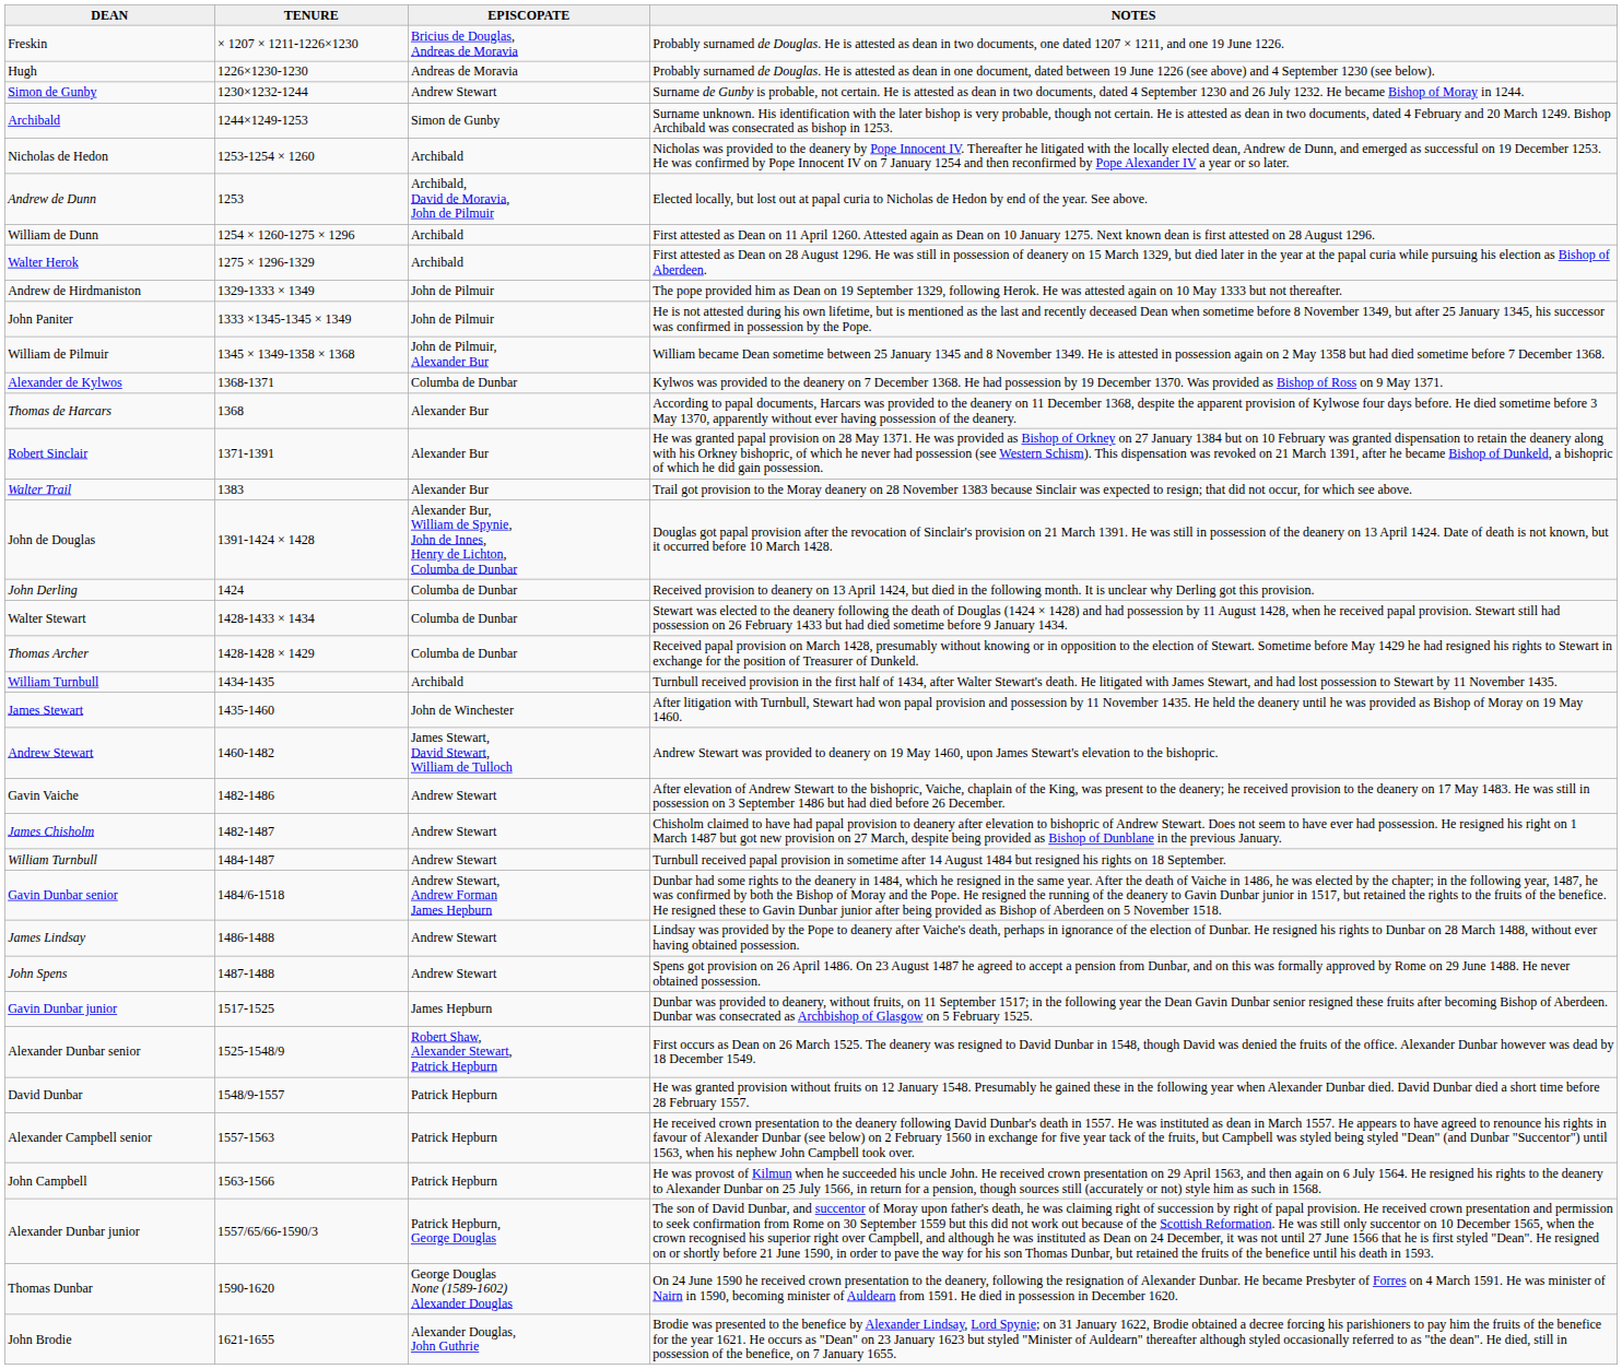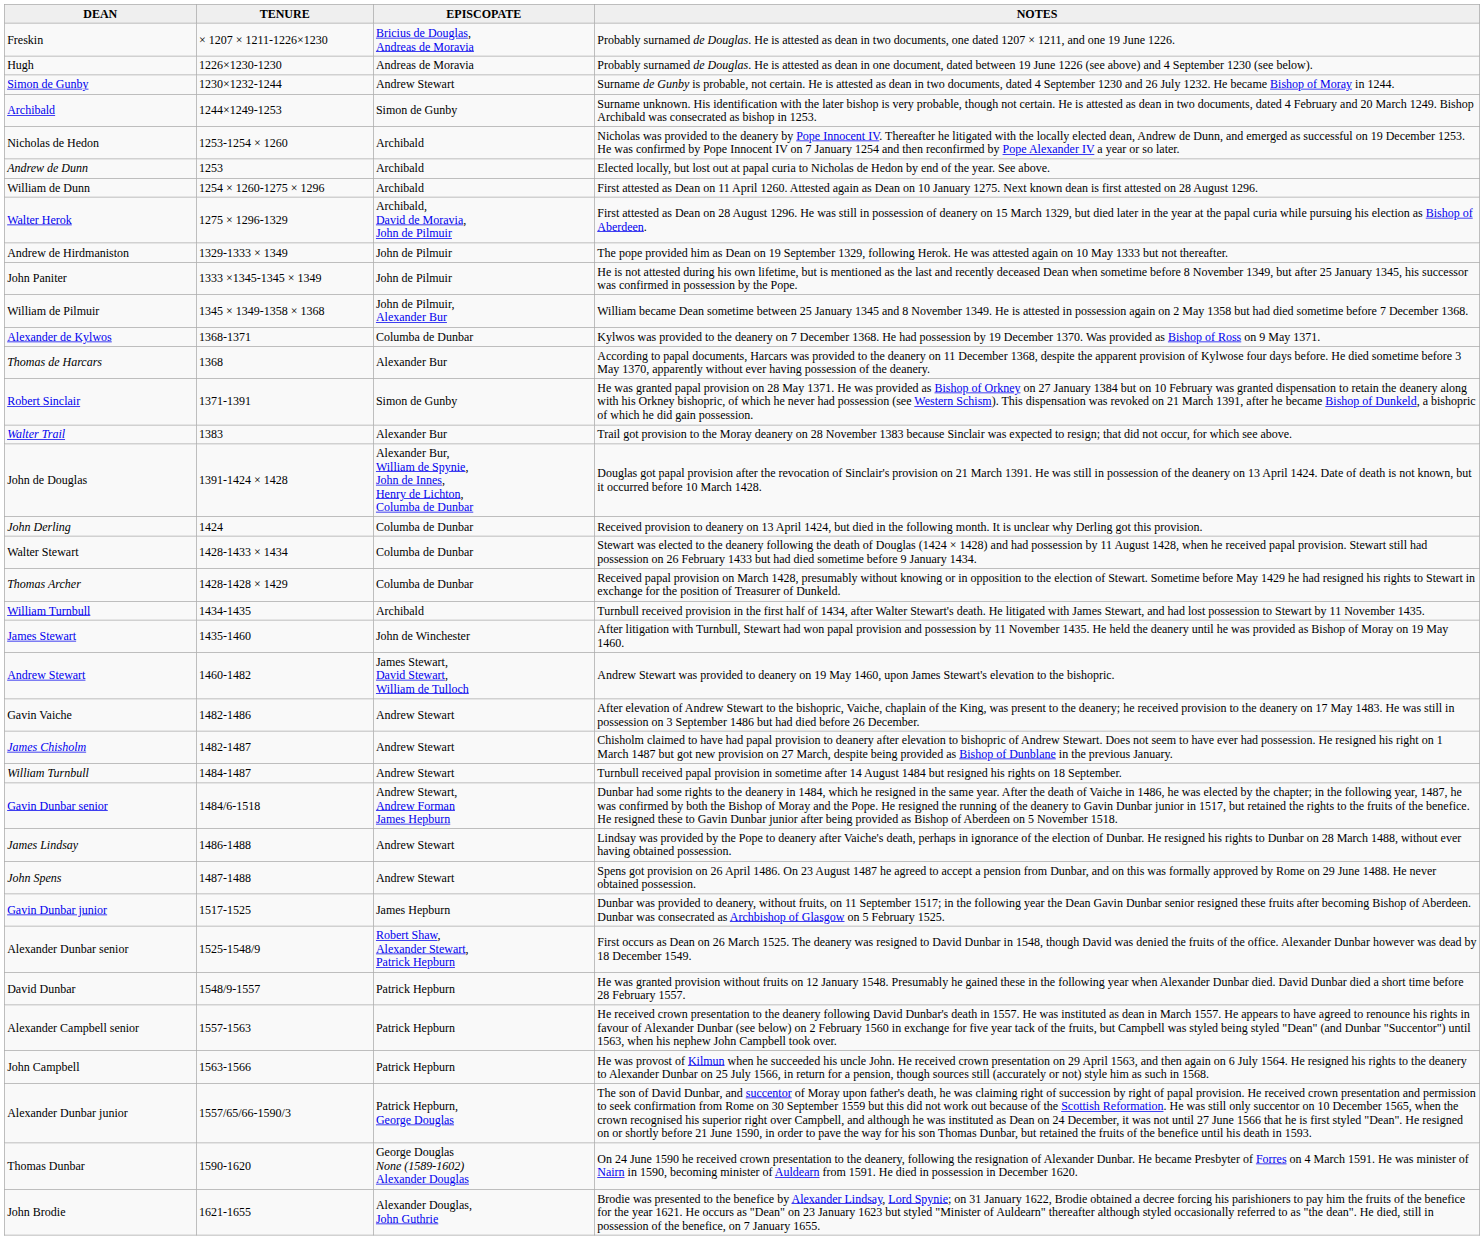 <table class="wikitable" style="background#f1f5fc; border: 1px solid black; padding: 1em;">
 <tr align=left>
 <th style="background:#efefef;" width="13%"><strong>DEAN</strong></th>
 <th style="background:#efefef;" width="12%"><strong>TENURE</strong></th>
 <th style="background:#efefef;" width="15%"><strong>EPISCOPATE</strong></th>
 <th style="background:#efefef;" width="60%"><strong>NOTES</strong></th>
 </tr>
 <tr>
 <td>Freskin</td>
 <td>× 1207 × 1211-1226×1230</td>
 <td><a href='#'>Bricius de Douglas</a>,<br><a href='#'>Andreas de Moravia</a></td>
 <td>Probably surnamed <em>de Douglas</em>. He is attested as dean in two documents, one dated 1207 × 1211, and one 19 June 1226.</td>
 </tr>
 <tr>
 <td>Hugh</td>
 <td>1226×1230-1230</td>
 <td>Andreas de Moravia</td>
 <td>Probably surnamed <em>de Douglas</em>. He is attested as dean in one document, dated between 19 June 1226 (see above) and 4 September 1230 (see below).</td>
 </tr>
 <tr>
 <td><a href='#'>Simon de Gunby</a></td>
 <td>1230×1232-1244</td>
 <td>Andrew Stewart</td>
 <td>Surname <em>de Gunby</em> is probable, not certain. He is attested as dean in two documents, dated 4 September 1230 and 26 July 1232. He became <a href='#'>Bishop of Moray</a> in 1244.</td>
 </tr>
 <tr>
 <td><a href='#'>Archibald</a></td>
 <td>1244×1249-1253</td>
 <td>Simon de Gunby</td>
 <td>Surname unknown. His identification with the later bishop is very probable, though not certain. He is attested as dean in two documents, dated 4 February and 20 March 1249. Bishop Archibald was consecrated as bishop in 1253.</td>
 </tr>
 <tr>
 <td>Nicholas de Hedon</td>
 <td>1253-1254 × 1260</td>
 <td>Archibald</td>
 <td>Nicholas was provided to the deanery by <a href='#'>Pope Innocent IV</a>. Thereafter he litigated with the locally elected dean, Andrew de Dunn, and emerged as successful on 19 December 1253. He was confirmed by Pope Innocent IV on 7 January 1254 and then reconfirmed by <a href='#'>Pope Alexander IV</a> a year or so later.</td>
 </tr>
 <tr>
 <td><em>Andrew de Dunn</em></td>
 <td>1253</td>
-<td>Archibald,<br><a href='#'>David de Moravia</a>,<br><a href='#'>John de Pilmuir</a></td>
+<td>Archibald</td>
 <td>Elected locally, but lost out at papal curia to Nicholas de Hedon by end of the year. See above.</td>
 </tr>
 <tr>
 <td>William de Dunn</td>
 <td>1254 × 1260-1275 × 1296</td>
 <td>Archibald</td>
 <td>First attested as Dean on 11 April 1260. Attested again as Dean on 10 January 1275. Next known dean is first attested on 28 August 1296.</td>
 </tr>
 <tr>
 <td><a href='#'>Walter Herok</a></td>
 <td>1275 × 1296-1329</td>
-<td>Archibald</td>
+<td>Archibald,<br><a href='#'>David de Moravia</a>,<br><a href='#'>John de Pilmuir</a></td>
 <td>First attested as Dean on 28 August 1296. He was still in possession of deanery on 15 March 1329, but died later in the year at the papal curia while pursuing his election as <a href='#'>Bishop of Aberdeen</a>.</td>
 </tr>
 <tr>
 <td>Andrew de Hirdmaniston</td>
 <td>1329-1333 × 1349</td>
 <td>John de Pilmuir</td>
 <td>The pope provided him as Dean on 19 September 1329, following Herok. He was attested again on 10 May 1333 but not thereafter.</td>
 </tr>
 <tr>
 <td>John Paniter</td>
 <td>1333 ×1345-1345 × 1349</td>
 <td>John de Pilmuir</td>
 <td>He is not attested during his own lifetime, but is mentioned as the last and recently deceased Dean when sometime before 8 November 1349, but after 25 January 1345, his successor was confirmed in possession by the Pope.</td>
 </tr>
 <tr>
 <td>William de Pilmuir</td>
 <td>1345 × 1349-1358 × 1368</td>
 <td>John de Pilmuir,<br><a href='#'>Alexander Bur</a></td>
 <td>William became Dean sometime between 25 January 1345 and 8 November 1349. He is attested in possession again on 2 May 1358 but had died sometime before 7 December 1368.</td>
 </tr>
 <tr>
 <td><a href='#'>Alexander de Kylwos</a></td>
 <td>1368-1371</td>
 <td>Columba de Dunbar</td>
 <td>Kylwos was provided to the deanery on 7 December 1368. He had possession by 19 December 1370. Was provided as <a href='#'>Bishop of Ross</a> on 9 May 1371.</td>
 </tr>
 <tr>
 <td><em>Thomas de Harcars</em></td>
 <td>1368</td>
 <td>Alexander Bur</td>
 <td>According to papal documents, Harcars was provided to the deanery on 11 December 1368, despite the apparent provision of Kylwose four days before. He died sometime before 3 May 1370, apparently without ever having possession of the deanery.</td>
 </tr>
 <tr>
 <td><a href='#'>Robert Sinclair</a></td>
 <td>1371-1391</td>
-<td>Alexander Bur</td>
+<td>Simon de Gunby</td>
 <td>He was granted papal provision on 28 May 1371. He was provided as <a href='#'>Bishop of Orkney</a> on 27 January 1384 but on 10 February was granted dispensation to retain the deanery along with his Orkney bishopric, of which he never had possession (see <a href='#'>Western Schism</a>). This dispensation was revoked on 21 March 1391, after he became <a href='#'>Bishop of Dunkeld</a>, a bishopric of which he did gain possession.</td>
 </tr>
 <tr>
 <td><em><a href='#'>Walter Trail</a></em></td>
 <td>1383</td>
 <td>Alexander Bur</td>
 <td>Trail got provision to the Moray deanery on 28 November 1383 because Sinclair was expected to resign; that did not occur, for which see above.</td>
 </tr>
 <tr>
 <td>John de Douglas</td>
 <td>1391-1424 × 1428</td>
 <td>Alexander Bur,<br><a href='#'>William de Spynie</a>,<br><a href='#'>John de Innes</a>,<br><a href='#'>Henry de Lichton</a>,<br><a href='#'>Columba de Dunbar</a></td>
 <td>Douglas got papal provision after the revocation of Sinclair's provision on 21 March 1391. He was still in possession of the deanery on 13 April 1424. Date of death is not known, but it occurred before 10 March 1428.</td>
 </tr>
 <tr>
 <td><em>John Derling</em></td>
 <td>1424</td>
 <td>Columba de Dunbar</td>
 <td>Received provision to deanery on 13 April 1424, but died in the following month. It is unclear why Derling got this provision.</td>
 </tr>
 <tr>
 <td>Walter Stewart</td>
 <td>1428-1433 × 1434</td>
 <td>Columba de Dunbar</td>
 <td>Stewart was elected to the deanery following the death of Douglas (1424 × 1428) and had possession by 11 August 1428, when he received papal provision. Stewart still had possession on 26 February 1433 but had died sometime before 9 January 1434.</td>
 </tr>
 <tr>
 <td><em>Thomas Archer</em></td>
 <td>1428-1428 × 1429</td>
 <td>Columba de Dunbar</td>
 <td>Received papal provision on March 1428, presumably without knowing or in opposition to the election of Stewart. Sometime before May 1429 he had resigned his rights to Stewart in exchange for the position of Treasurer of Dunkeld.</td>
 </tr>
 <tr>
 <td><a href='#'>William Turnbull</a></td>
 <td>1434-1435</td>
 <td>Archibald</td>
 <td>Turnbull received provision in the first half of 1434, after Walter Stewart's death. He litigated with James Stewart, and had lost possession to Stewart by 11 November 1435.</td>
 </tr>
 <tr>
 <td><a href='#'>James Stewart</a></td>
 <td>1435-1460</td>
 <td>John de Winchester</td>
 <td>After litigation with Turnbull, Stewart had won papal provision and possession by 11 November 1435. He held the deanery until he was provided as Bishop of Moray on 19 May 1460.</td>
 </tr>
 <tr>
 <td><a href='#'>Andrew Stewart</a></td>
 <td>1460-1482</td>
 <td>James Stewart,<br><a href='#'>David Stewart</a>,<br><a href='#'>William de Tulloch</a></td>
 <td>Andrew Stewart was provided to deanery on 19 May 1460, upon James Stewart's elevation to the bishopric.</td>
 </tr>
 <tr>
 <td>Gavin Vaiche</td>
 <td>1482-1486</td>
 <td>Andrew Stewart</td>
 <td>After elevation of Andrew Stewart to the bishopric, Vaiche, chaplain of the King, was present to the deanery; he received provision to the deanery on 17 May 1483. He was still in possession on 3 September 1486 but had died before 26 December.</td>
 </tr>
 <tr>
 <td><em><a href='#'>James Chisholm</a></em></td>
 <td>1482-1487</td>
 <td>Andrew Stewart</td>
 <td>Chisholm claimed to have had papal provision to deanery after elevation to bishopric of Andrew Stewart. Does not seem to have ever had possession. He resigned his right on 1 March 1487 but got new provision on 27 March, despite being provided as <a href='#'>Bishop of Dunblane</a> in the previous January.</td>
 </tr>
 <tr>
 <td><em>William Turnbull</em></td>
 <td>1484-1487</td>
 <td>Andrew Stewart</td>
 <td>Turnbull received papal provision in sometime after 14 August 1484 but resigned his rights on 18 September.</td>
 </tr>
 <tr>
 <td><a href='#'>Gavin Dunbar senior</a></td>
 <td>1484/6-1518</td>
 <td>Andrew Stewart,<br><a href='#'>Andrew Forman</a><br><a href='#'>James Hepburn</a></td>
 <td>Dunbar had some rights to the deanery in 1484, which he resigned in the same year. After the death of Vaiche in 1486, he was elected by the chapter; in the following year, 1487, he was confirmed by both the Bishop of Moray and the Pope. He resigned the running of the deanery to Gavin Dunbar junior in 1517, but retained the rights to the fruits of the benefice. He resigned these to Gavin Dunbar junior after being provided as Bishop of Aberdeen on 5 November 1518.</td>
 </tr>
 <tr>
 <td><em>James Lindsay</em></td>
 <td>1486-1488</td>
 <td>Andrew Stewart</td>
 <td>Lindsay was provided by the Pope to deanery after Vaiche's death, perhaps in ignorance of the election of Dunbar. He resigned his rights to Dunbar on 28 March 1488, without ever having obtained possession.</td>
 </tr>
 <tr>
 <td><em>John Spens</em></td>
 <td>1487-1488</td>
 <td>Andrew Stewart</td>
 <td>Spens got provision on 26 April 1486. On 23 August 1487 he agreed to accept a pension from Dunbar, and on this was formally approved by Rome on 29 June 1488. He never obtained possession.</td>
 </tr>
 <tr>
 <td><a href='#'>Gavin Dunbar junior</a></td>
 <td>1517-1525</td>
 <td>James Hepburn</td>
 <td>Dunbar was provided to deanery, without fruits, on 11 September 1517; in the following year the Dean Gavin Dunbar senior resigned these fruits after becoming Bishop of Aberdeen. Dunbar was consecrated as <a href='#'>Archbishop of Glasgow</a> on 5 February 1525.</td>
 </tr>
 <tr>
 <td>Alexander Dunbar senior</td>
 <td>1525-1548/9</td>
 <td><a href='#'>Robert Shaw</a>,<br><a href='#'>Alexander Stewart</a>,<br><a href='#'>Patrick Hepburn</a></td>
 <td>First occurs as Dean on 26 March 1525. The deanery was resigned to David Dunbar in 1548, though David was denied the fruits of the office. Alexander Dunbar however was dead by 18 December 1549.</td>
 </tr>
 <tr>
 <td>David Dunbar</td>
 <td>1548/9-1557</td>
 <td>Patrick Hepburn</td>
 <td>He was granted provision without fruits on 12 January 1548. Presumably he gained these in the following year when Alexander Dunbar died. David Dunbar died a short time before 28 February 1557.</td>
 </tr>
 <tr>
 <td>Alexander Campbell senior</td>
 <td>1557-1563</td>
 <td>Patrick Hepburn</td>
 <td>He received crown presentation to the deanery following David Dunbar's death in 1557. He was instituted as dean in March 1557. He appears to have agreed to renounce his rights in favour of Alexander Dunbar (see below) on 2 February 1560 in exchange for five year tack of the fruits, but Campbell was styled being styled "Dean" (and Dunbar "Succentor") until 1563, when his nephew John Campbell took over.</td>
 </tr>
 <tr>
 <td>John Campbell</td>
 <td>1563-1566</td>
 <td>Patrick Hepburn</td>
 <td>He was provost of <a href='#'>Kilmun</a> when he succeeded his uncle John. He received crown presentation on 29 April 1563, and then again on 6 July 1564. He resigned his rights to the deanery to Alexander Dunbar on 25 July 1566, in return for a pension, though sources still (accurately or not) style him as such in 1568.</td>
 </tr>
 <tr>
 <td>Alexander Dunbar junior</td>
 <td>1557/65/66-1590/3</td>
 <td>Patrick Hepburn,<br><a href='#'>George Douglas</a></td>
 <td>The son of David Dunbar, and <a href='#'>succentor</a> of Moray upon father's death, he was claiming right of succession by right of papal provision. He received crown presentation and permission to seek confirmation from Rome on 30 September 1559 but this did not work out because of the <a href='#'>Scottish Reformation</a>. He was still only succentor on 10 December 1565, when the crown recognised his superior right over Campbell, and although he was instituted as Dean on 24 December, it was not until 27 June 1566 that he is first styled "Dean". He resigned on or shortly before 21 June 1590, in order to pave the way for his son Thomas Dunbar, but retained the fruits of the benefice until his death in 1593.</td>
 </tr>
 <tr>
 <td>Thomas Dunbar</td>
 <td>1590-1620</td>
 <td>George Douglas<br><em>None (1589-1602)</em><br><a href='#'>Alexander Douglas</a></td>
 <td>On 24 June 1590 he received crown presentation to the deanery, following the resignation of Alexander Dunbar. He became Presbyter of <a href='#'>Forres</a> on 4 March 1591. He was minister of <a href='#'>Nairn</a> in 1590, becoming minister of <a href='#'>Auldearn</a> from 1591. He died in possession in December 1620.</td>
 </tr>
 <tr>
 <td>John Brodie</td>
 <td>1621-1655</td>
 <td>Alexander Douglas,<br><a href='#'>John Guthrie</a></td>
 <td>Brodie was presented to the benefice by <a href='#'>Alexander Lindsay</a>, <a href='#'>Lord Spynie</a>; on 31 January 1622, Brodie obtained a decree forcing his parishioners to pay him the fruits of the benefice for the year 1621. He occurs as "Dean" on 23 January 1623 but styled "Minister of Auldearn" thereafter although styled occasionally referred to as "the dean". He died, still in possession of the benefice, on 7 January 1655.</td>
 </tr>
 </table>
